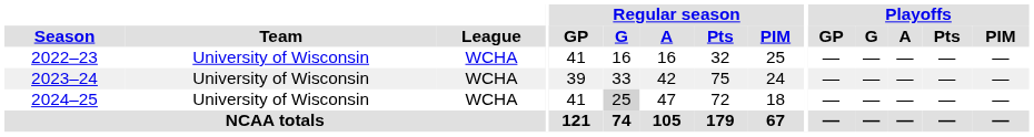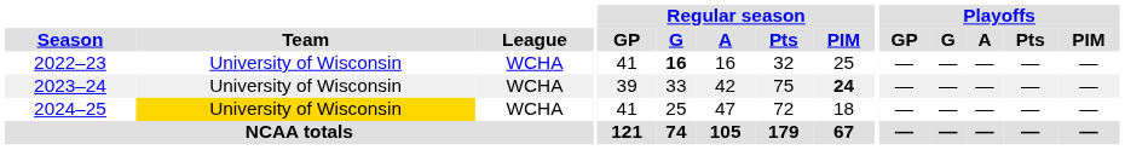 <table border="0" cellpadding="1" cellspacing="0" style="text-align:center; width:60em">
 <tr bgcolor="#e0e0e0">
 <th colspan="3" bgcolor="#ffffff"></th>
 <th rowspan="97" bgcolor="#ffffff"></th>
 <th colspan="5"><a href='#'>Regular season</a></th>
 <th rowspan="97" bgcolor="#ffffff"></th>
 <th colspan="5"><a href='#'>Playoffs</a></th>
 </tr>
 <tr bgcolor="#e0e0e0">
 <th><a href='#'>Season</a></th>
 <th>Team</th>
 <th>League</th>
 <th>GP</th>
 <th><a href='#'>G</a></th>
 <th><a href='#'>A</a></th>
 <th><a href='#'>Pts</a></th>
 <th><a href='#'>PIM</a></th>
 <th>GP</th>
 <th>G</th>
 <th>A</th>
 <th>Pts</th>
 <th>PIM</th>
 </tr>
 <tr>
 <td><a href='#'>2022–23</a></td>
 <td><a href='#'>University of Wisconsin</a></td>
 <td><a href='#'>WCHA</a></td>
 <td>41</td>
-<td>16</td>
+<td><strong>16</strong></td>
 <td>16</td>
 <td>32</td>
 <td>25</td>
 <td>—</td>
 <td>—</td>
 <td>—</td>
 <td>—</td>
 <td>—</td>
 </tr>
 <tr bgcolor="#f0f0f0">
 <td><a href='#'>2023–24</a></td>
 <td>University of Wisconsin</td>
 <td>WCHA</td>
 <td>39</td>
 <td>33</td>
 <td>42</td>
 <td>75</td>
-<td>24</td>
+<td><strong>24</strong></td>
 <td>—</td>
 <td>—</td>
 <td>—</td>
 <td>—</td>
 <td>—</td>
 </tr>
 <tr>
 <td><a href='#'>2024–25</a></td>
-<td>University of Wisconsin</td>
+<td style="background: gold;">University of Wisconsin</td>
 <td>WCHA</td>
 <td>41</td>
-<td style="background: lightgrey;">25</td>
+<td>25</td>
 <td>47</td>
 <td>72</td>
 <td>18</td>
 <td>—</td>
 <td>—</td>
 <td>—</td>
 <td>—</td>
 <td>—</td>
 </tr>
 <tr bgcolor="#e0e0e0">
 <th colspan="3">NCAA totals</th>
 <th>121</th>
 <th>74</th>
 <th>105</th>
 <th>179</th>
 <th>67</th>
 <th>—</th>
 <th>—</th>
 <th>—</th>
 <th>—</th>
 <th>—</th>
 </tr>
 </table>
